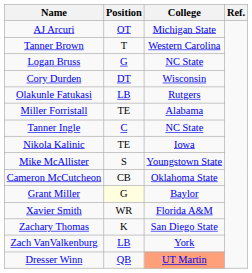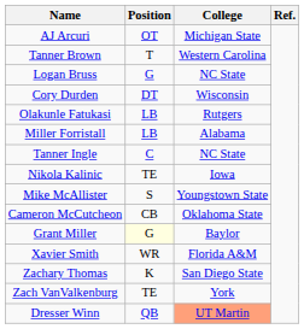 <table class="wikitable" style="text-align:center">
 <tr>
 <th>Name</th>
 <th>Position</th>
 <th>College</th>
 <th>Ref.</th>
 </tr>
 <tr>
 <td><a href='#'>AJ Arcuri</a></td>
 <td><a href='#'>OT</a></td>
 <td><a href='#'>Michigan State</a></td>
 <td rowspan="26"></td>
 </tr>
 <tr>
 <td><a href='#'>Tanner Brown</a></td>
 <td>T</td>
 <td><a href='#'>Western Carolina</a></td>
 </tr>
 <tr>
 <td><a href='#'>Logan Bruss</a></td>
 <td><a href='#'>G</a></td>
 <td><a href='#'>NC State</a></td>
 </tr>
 <tr>
 <td><a href='#'>Cory Durden</a></td>
 <td><a href='#'>DT</a></td>
 <td><a href='#'>Wisconsin</a></td>
 </tr>
 <tr>
 <td><a href='#'>Olakunle Fatukasi</a></td>
 <td><a href='#'>LB</a></td>
 <td><a href='#'>Rutgers</a></td>
 </tr>
 <tr>
 <td><a href='#'>Miller Forristall</a></td>
-<td>TE</td>
+<td><a href='#'>LB</a></td>
 <td><a href='#'>Alabama</a></td>
 </tr>
 <tr>
 <td><a href='#'>Tanner Ingle</a></td>
 <td><a href='#'>C</a></td>
 <td><a href='#'>NC State</a></td>
 </tr>
 <tr>
 <td><a href='#'>Nikola Kalinic</a></td>
 <td>TE</td>
 <td><a href='#'>Iowa</a></td>
 </tr>
 <tr>
 <td><a href='#'>Mike McAllister</a></td>
 <td>S</td>
 <td><a href='#'>Youngstown State</a></td>
 </tr>
 <tr>
 <td><a href='#'>Cameron McCutcheon</a></td>
 <td>CB</td>
 <td><a href='#'>Oklahoma State</a></td>
 </tr>
 <tr>
 <td><a href='#'>Grant Miller</a></td>
 <td style="background: lightyellow;">G</td>
 <td><a href='#'>Baylor</a></td>
 </tr>
 <tr>
 <td><a href='#'>Xavier Smith</a></td>
 <td>WR</td>
 <td><a href='#'>Florida A&M</a></td>
 </tr>
 <tr>
 <td><a href='#'>Zachary Thomas</a></td>
 <td>K</td>
 <td><a href='#'>San Diego State</a></td>
 </tr>
 <tr>
 <td><a href='#'>Zach VanValkenburg</a></td>
-<td><a href='#'>LB</a></td>
+<td>TE</td>
 <td><a href='#'>York</a></td>
 </tr>
 <tr>
 <td><a href='#'>Dresser Winn</a></td>
 <td><a href='#'>QB</a></td>
 <td style="background: lightsalmon;"><a href='#'>UT Martin</a></td>
 </tr>
 </table>
